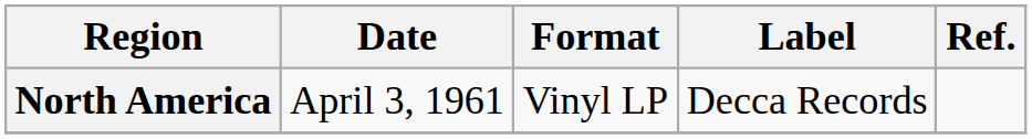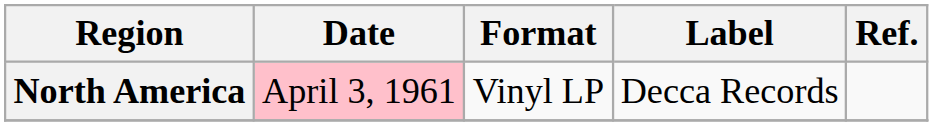 <table class="wikitable plainrowheaders">
 <tr>
 <th scope="col">Region</th>
 <th scope="col">Date</th>
 <th scope="col">Format</th>
 <th scope="col">Label</th>
 <th scope="col">Ref.</th>
 </tr>
 <tr>
 <th scope="row">North America</th>
-<td>April 3, 1961</td>
+<td style="background: pink;">April 3, 1961</td>
 <td>Vinyl LP</td>
 <td>Decca Records</td>
 <td></td>
 </tr>
 <tr>
 </tr>
 </table>
